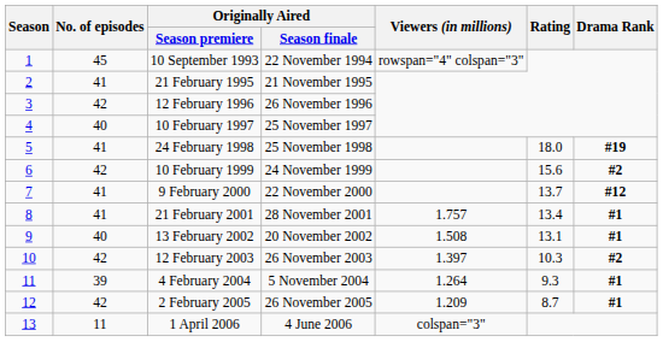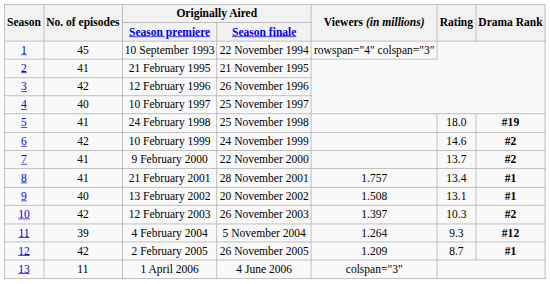 <table class="wikitable plainrowheaders" style="text-align: center">
 <tr>
 <th rowspan="2">Season</th>
 <th rowspan="2">No. of episodes</th>
 <th colspan="2">Originally Aired</th>
 <th rowspan="2">Viewers <em>(in millions)</em></th>
 <th rowspan="2">Rating</th>
 <th rowspan="2">Drama Rank</th>
 </tr>
 <tr>
 <th><a href='#'>Season premiere</a></th>
 <th><a href='#'>Season finale</a></th>
 </tr>
 <tr>
 <td><a href='#'>1</a></td>
 <td>45</td>
 <td>10 September 1993</td>
 <td>22 November 1994</td>
 <td>rowspan="4" colspan="3" </td>
 </tr>
 <tr>
 <td><a href='#'>2</a></td>
 <td>41</td>
 <td>21 February 1995</td>
 <td>21 November 1995</td>
 </tr>
 <tr>
 <td><a href='#'>3</a></td>
 <td>42</td>
 <td>12 February 1996</td>
 <td>26 November 1996</td>
 </tr>
 <tr>
 <td><a href='#'>4</a></td>
 <td>40</td>
 <td>10 February 1997</td>
 <td>25 November 1997</td>
 </tr>
 <tr>
 <td><a href='#'>5</a></td>
 <td>41</td>
 <td>24 February 1998</td>
 <td>25 November 1998</td>
 <td></td>
 <td>18.0</td>
 <td><strong>#19</strong></td>
 </tr>
 <tr>
 <td><a href='#'>6</a></td>
 <td>42</td>
 <td>10 February 1999</td>
 <td>24 November 1999</td>
 <td></td>
-<td>15.6</td>
+<td>14.6</td>
 <td><strong>#2</strong></td>
 </tr>
 <tr>
 <td><a href='#'>7</a></td>
 <td>41</td>
 <td>9 February 2000</td>
 <td>22 November 2000</td>
 <td></td>
 <td>13.7</td>
-<td><strong>#12</strong></td>
+<td><strong>#2</strong></td>
 </tr>
 <tr>
 <td><a href='#'>8</a></td>
 <td>41</td>
 <td>21 February 2001</td>
 <td>28 November 2001</td>
 <td>1.757</td>
 <td>13.4</td>
 <td><strong>#1</strong></td>
 </tr>
 <tr>
 <td><a href='#'>9</a></td>
 <td>40</td>
 <td>13 February 2002</td>
 <td>20 November 2002</td>
 <td>1.508</td>
 <td>13.1</td>
 <td><strong>#1</strong></td>
 </tr>
 <tr>
 <td><a href='#'>10</a></td>
 <td>42</td>
 <td>12 February 2003</td>
 <td>26 November 2003</td>
 <td>1.397</td>
 <td>10.3</td>
 <td><strong>#2</strong></td>
 </tr>
 <tr>
 <td><a href='#'>11</a></td>
 <td>39</td>
 <td>4 February 2004</td>
 <td>5 November 2004</td>
 <td>1.264</td>
 <td>9.3</td>
-<td><strong>#1</strong></td>
+<td><strong>#12</strong></td>
 </tr>
 <tr>
 <td><a href='#'>12</a></td>
 <td>42</td>
 <td>2 February 2005</td>
 <td>26 November 2005</td>
 <td>1.209</td>
 <td>8.7</td>
 <td><strong>#1</strong></td>
 </tr>
 <tr>
 <td><a href='#'>13</a></td>
 <td>11</td>
 <td>1 April 2006</td>
 <td>4 June 2006</td>
 <td>colspan="3" </td>
 </tr>
 </table>
